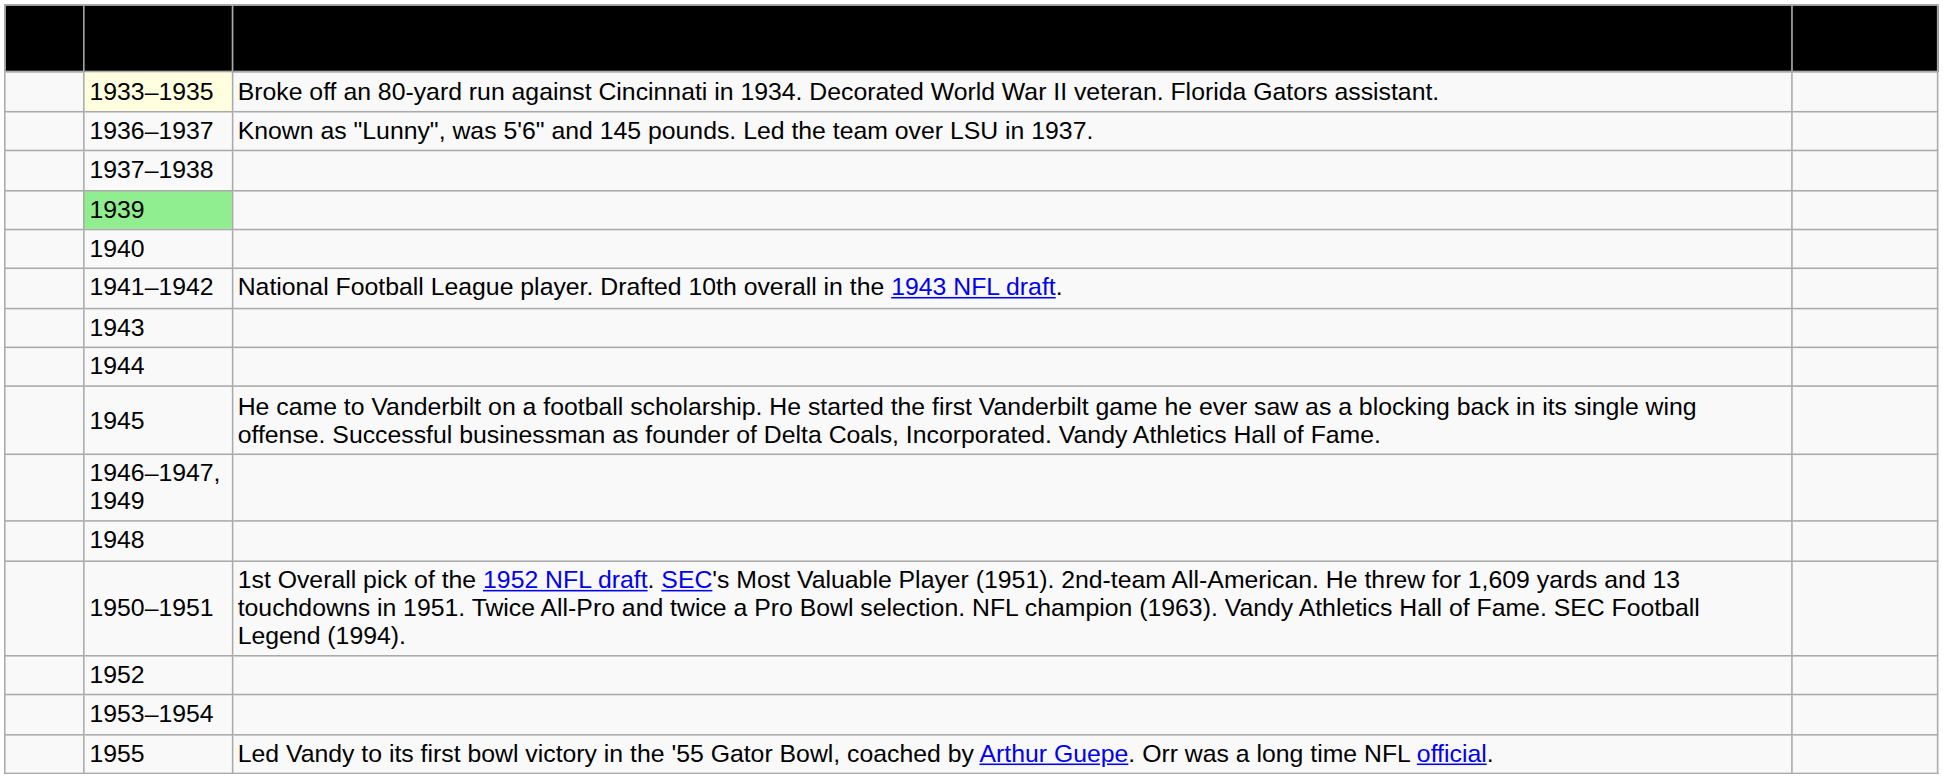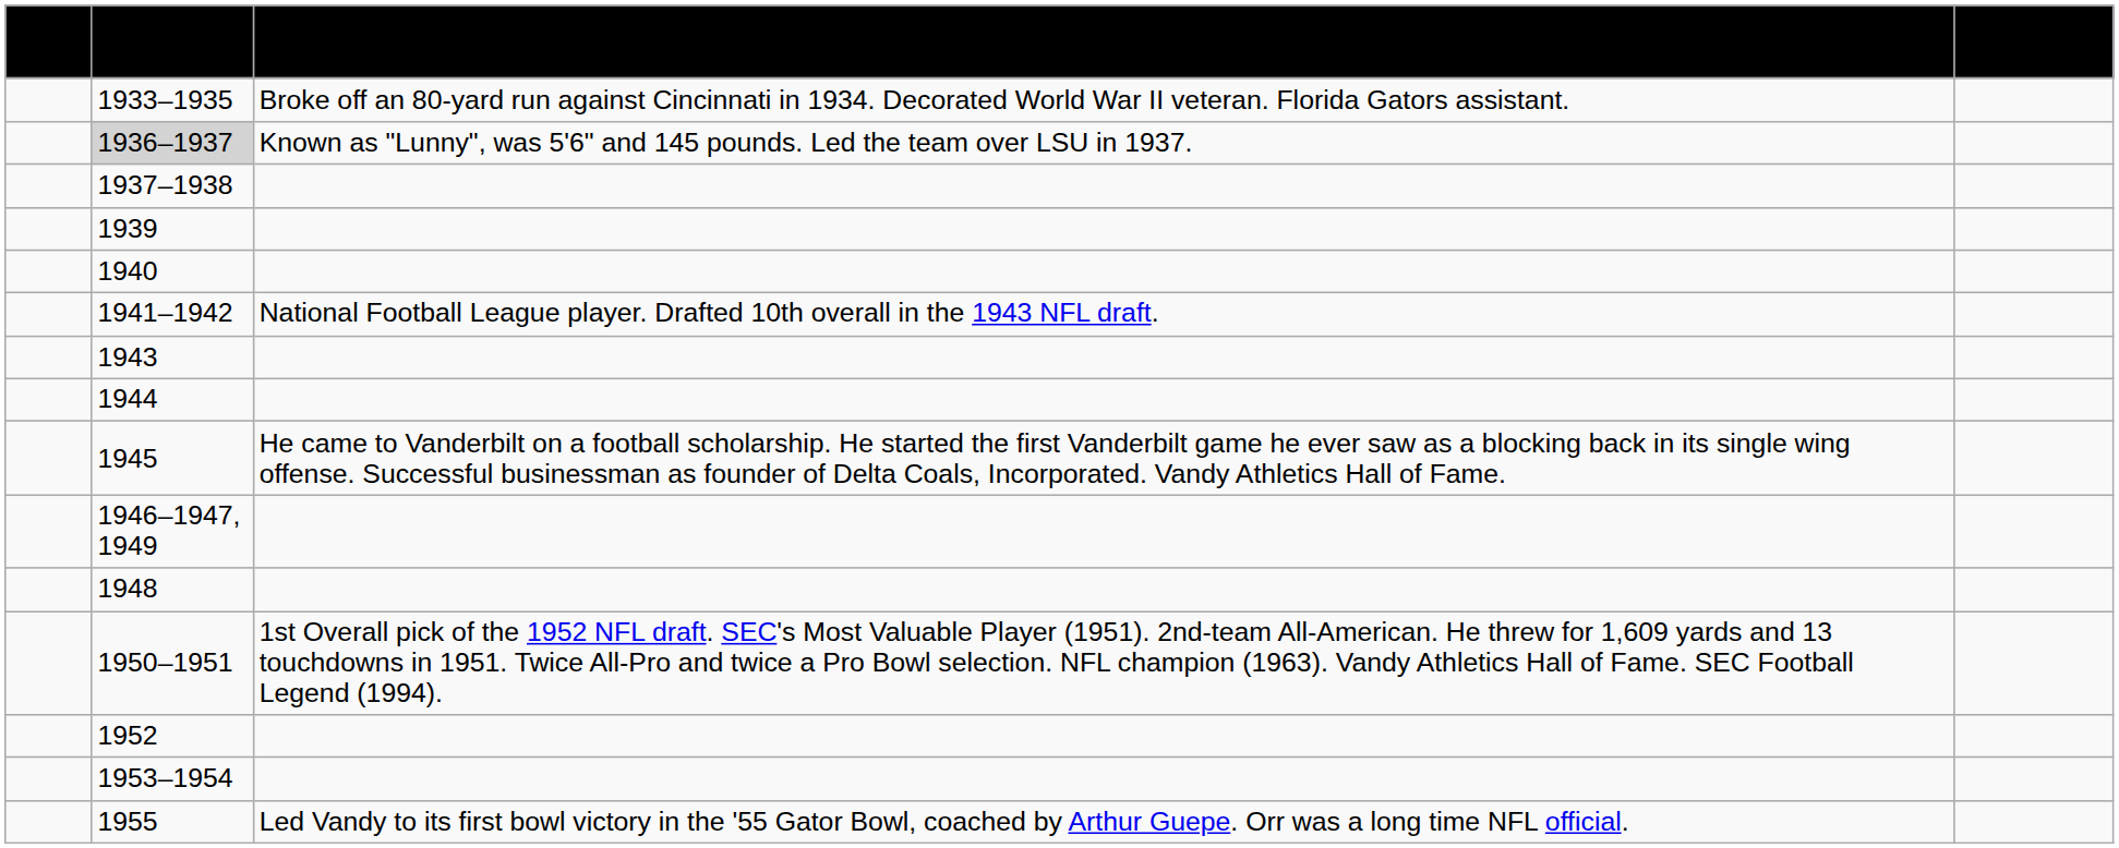 <table class="wikitable sortable" style="text-align:left;">
 <tr>
 <th style="background:#000000;"><span>Name</span></th>
 <th style="background:#000000;"><span>Years Started</span></th>
 <th style="background:#000000;"><span>Notability</span></th>
 <th style="background:#000000;"><span>References</span></th>
 </tr>
 <tr>
 <td></td>
-<td style="background: lightyellow;">1933–1935</td>
+<td>1933–1935</td>
 <td>Broke off an 80-yard run against Cincinnati in 1934. Decorated World War II veteran. Florida Gators assistant.</td>
 <td></td>
 </tr>
 <tr>
 <td></td>
-<td>1936–1937</td>
+<td style="background: lightgrey;">1936–1937</td>
 <td>Known as "Lunny", was 5'6" and 145 pounds. Led the team over LSU in 1937.</td>
 <td></td>
 </tr>
 <tr>
 <td></td>
 <td>1937–1938</td>
 <td></td>
 </tr>
 <tr>
 <td></td>
-<td style="background: lightgreen;">1939</td>
+<td>1939</td>
 <td></td>
 <td></td>
 </tr>
 <tr>
 <td></td>
 <td>1940</td>
 <td></td>
 <td></td>
 </tr>
 <tr>
 <td></td>
 <td>1941–1942</td>
 <td>National Football League player. Drafted 10th overall in the <a href='#'>1943 NFL draft</a>.</td>
 <td></td>
 </tr>
 <tr>
 <td></td>
 <td>1943</td>
 <td></td>
 <td></td>
 </tr>
 <tr>
 <td></td>
 <td>1944</td>
 <td></td>
 <td></td>
 </tr>
 <tr>
 <td></td>
 <td>1945</td>
 <td>He came to Vanderbilt on a football scholarship. He started the first Vanderbilt game he ever saw as a blocking back in its single wing offense. Successful businessman as founder of Delta Coals, Incorporated. Vandy Athletics Hall of Fame.</td>
 <td></td>
 </tr>
 <tr>
 <td></td>
 <td>1946–1947, 1949</td>
 <td></td>
 <td></td>
 </tr>
 <tr>
 <td></td>
 <td>1948</td>
 <td></td>
 <td></td>
 </tr>
 <tr>
 <td></td>
 <td>1950–1951</td>
 <td>1st Overall pick of the <a href='#'>1952 NFL draft</a>. <a href='#'>SEC</a>'s Most Valuable Player (1951). 2nd-team All-American. He threw for 1,609 yards and 13 touchdowns in 1951. Twice All-Pro and twice a Pro Bowl selection. NFL champion (1963). Vandy Athletics Hall of Fame. SEC Football Legend (1994).</td>
 <td></td>
 </tr>
 <tr>
 <td></td>
 <td>1952</td>
 <td></td>
 <td></td>
 </tr>
 <tr>
 <td></td>
 <td>1953–1954</td>
 <td></td>
 <td></td>
 </tr>
 <tr>
 <td></td>
 <td>1955</td>
 <td>Led Vandy to its first bowl victory in the '55 Gator Bowl, coached by <a href='#'>Arthur Guepe</a>. Orr was a long time NFL <a href='#'>official</a>.</td>
 <td></td>
 </tr>
 <tr>
 </tr>
 </table>
